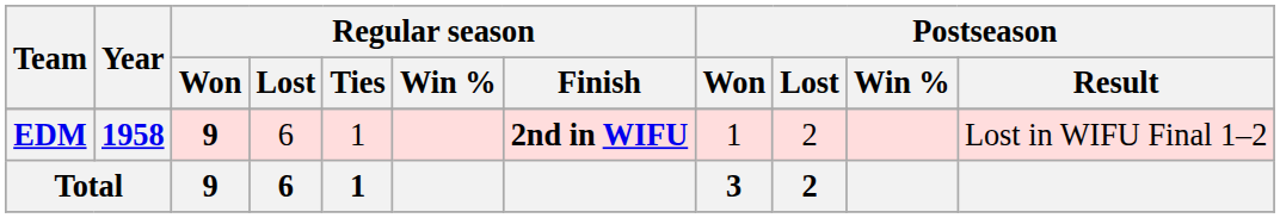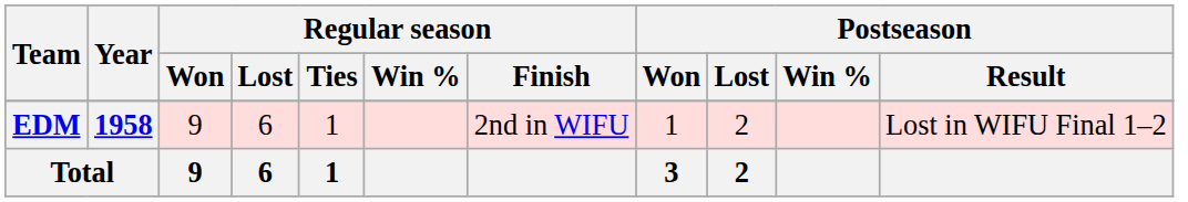 <table class="wikitable" style="font-size: 95%; text-align:center;">
 <tr>
 <th rowspan="2">Team</th>
 <th rowspan="2">Year</th>
 <th colspan="5">Regular season</th>
 <th colspan="4">Postseason</th>
 </tr>
 <tr>
 <th>Won</th>
 <th>Lost</th>
 <th>Ties</th>
 <th>Win %</th>
 <th>Finish</th>
 <th>Won</th>
 <th>Lost</th>
 <th>Win %</th>
 <th>Result</th>
 </tr>
 <tr>
 </tr>
 <tr ! style="background:#fdd;">
 <th><a href='#'>EDM</a></th>
 <th><a href='#'>1958</a></th>
-<td><strong>9</strong></td>
+<td>9</td>
 <td>6</td>
 <td>1</td>
 <td></td>
-<td><strong>2nd in <a href='#'>WIFU</a></strong></td>
+<td>2nd in <a href='#'>WIFU</a></td>
 <td>1</td>
 <td>2</td>
 <td></td>
 <td>Lost in WIFU Final 1–2</td>
 </tr>
 <tr>
 <th colspan="2">Total</th>
 <th>9</th>
 <th>6</th>
 <th>1</th>
 <th></th>
 <th></th>
 <th>3</th>
 <th>2</th>
 <th></th>
 <th></th>
 </tr>
 </table>
